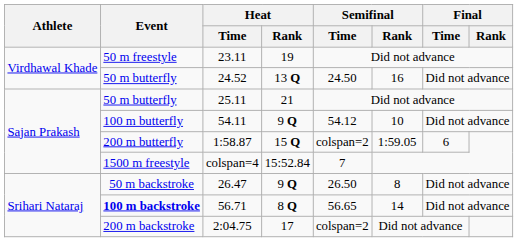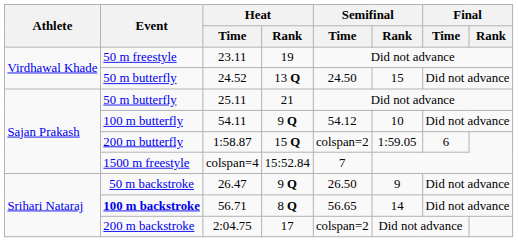 <table class=wikitable style=font-size:90%;text-align:center;>
 <tr>
 <th rowspan="2">Athlete</th>
 <th rowspan="2">Event</th>
 <th colspan="2">Heat</th>
 <th colspan="2">Semifinal</th>
 <th colspan="2">Final</th>
 </tr>
 <tr>
 <th>Time</th>
 <th>Rank</th>
 <th>Time</th>
 <th>Rank</th>
 <th>Time</th>
 <th>Rank</th>
 </tr>
 <tr>
 <td align=left rowspan="2"><a href='#'>Virdhawal Khade</a></td>
 <td align=left><a href='#'>50 m freestyle</a></td>
 <td>23.11</td>
 <td>19</td>
 <td colspan=4>Did not advance</td>
 </tr>
 <tr>
 <td align=left><a href='#'>50 m butterfly</a></td>
 <td>24.52</td>
 <td>13 <strong>Q</strong></td>
 <td>24.50</td>
-<td>16</td>
+<td>15</td>
 <td colspan=2>Did not advance</td>
 </tr>
 <tr>
 <td align=left rowspan="4"><a href='#'>Sajan Prakash</a></td>
 <td align=left><a href='#'>50 m butterfly</a></td>
 <td>25.11</td>
 <td>21</td>
 <td colspan=4>Did not advance</td>
 </tr>
 <tr>
 <td align=left><a href='#'>100 m butterfly</a></td>
 <td>54.11</td>
 <td>9 <strong>Q</strong></td>
 <td>54.12</td>
 <td>10</td>
 <td colspan=2>Did not advance</td>
 </tr>
 <tr>
 <td align=left><a href='#'>200 m butterfly</a></td>
 <td>1:58.87</td>
 <td>15 <strong>Q</strong></td>
 <td>colspan=2 </td>
 <td>1:59.05</td>
 <td>6</td>
 </tr>
 <tr>
 <td align=left><a href='#'>1500 m freestyle</a></td>
 <td>colspan=4 </td>
 <td>15:52.84</td>
 <td>7</td>
 </tr>
 <tr>
 <td align=left rowspan="3"><a href='#'>Srihari Nataraj</a></td>
 <td><a href='#'>50 m backstroke</a></td>
 <td>26.47</td>
 <td>9 <strong>Q</strong></td>
 <td>26.50</td>
-<td>8</td>
+<td>9</td>
 <td colspan=2>Did not advance</td>
 </tr>
 <tr>
 <td align=left><strong><a href='#'>100 m backstroke</a></strong></td>
 <td>56.71</td>
 <td>8 <strong>Q</strong></td>
 <td>56.65</td>
 <td>14</td>
 <td colspan=2>Did not advance</td>
 </tr>
 <tr>
 <td align=left><a href='#'>200 m backstroke</a></td>
 <td>2:04.75</td>
 <td>17</td>
 <td>colspan=2 </td>
 <td colspan="2">Did not advance</td>
 </tr>
 </table>
